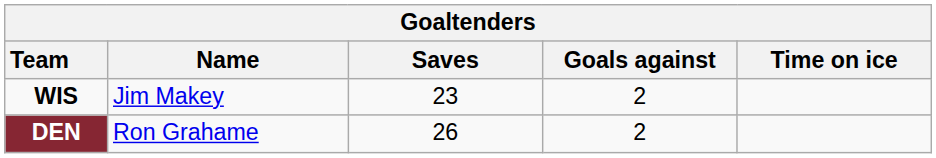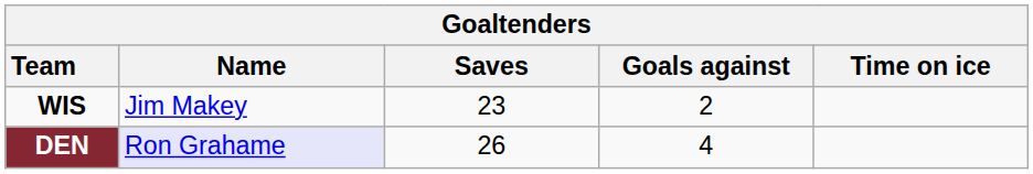 <table class="wikitable" style="width:40em; text-align:right;">
 <tr>
 <th colspan=5>Goaltenders</th>
 </tr>
 <tr>
 <th style="width:4em; text-align:left;">Team</th>
 <th style="width:10em;">Name</th>
 <th style="width:8em;">Saves</th>
 <th style="width:8em;">Goals against</th>
 <th style="width:8em;">Time on ice</th>
 </tr>
 <tr>
 <td align=center><strong>WIS</strong></td>
 <td style="text-align:left;"><a href='#'>Jim Makey</a></td>
 <td align=center>23</td>
 <td align=center>2</td>
 <td align=center></td>
 </tr>
 <tr>
 <td align=center style="color:white; background:#862633; "><strong>DEN</strong></td>
-<td style="text-align:left;"><a href='#'>Ron Grahame</a></td>
+<td style="background: lavender; text-align:left;"><a href='#'>Ron Grahame</a></td>
 <td align=center>26</td>
-<td align=center>2</td>
+<td align=center>4</td>
 <td align=center></td>
 </tr>
 </table>
